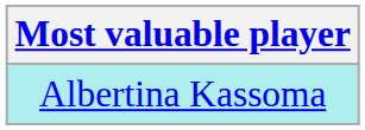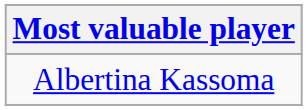 <table class=wikitable style="text-align:center; margin:auto">
 <tr>
 <th><a href='#'>Most valuable player</a></th>
 </tr>
 <tr>
-<td style="background: paleturquoise;"> <a href='#'>Albertina Kassoma</a></td>
+<td> <a href='#'>Albertina Kassoma</a></td>
 </tr>
 </table>
